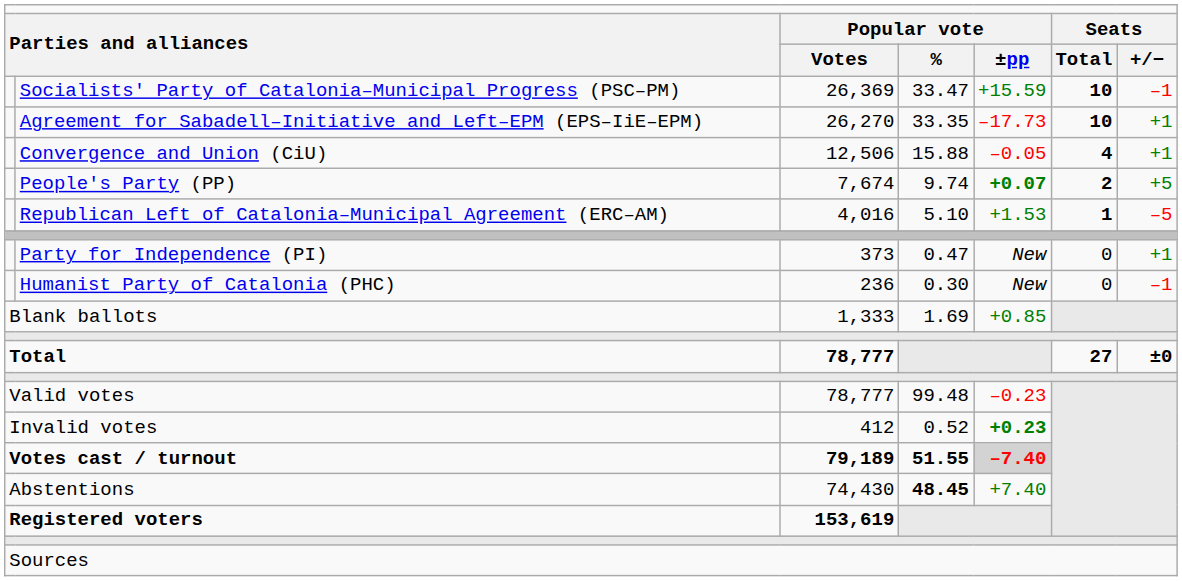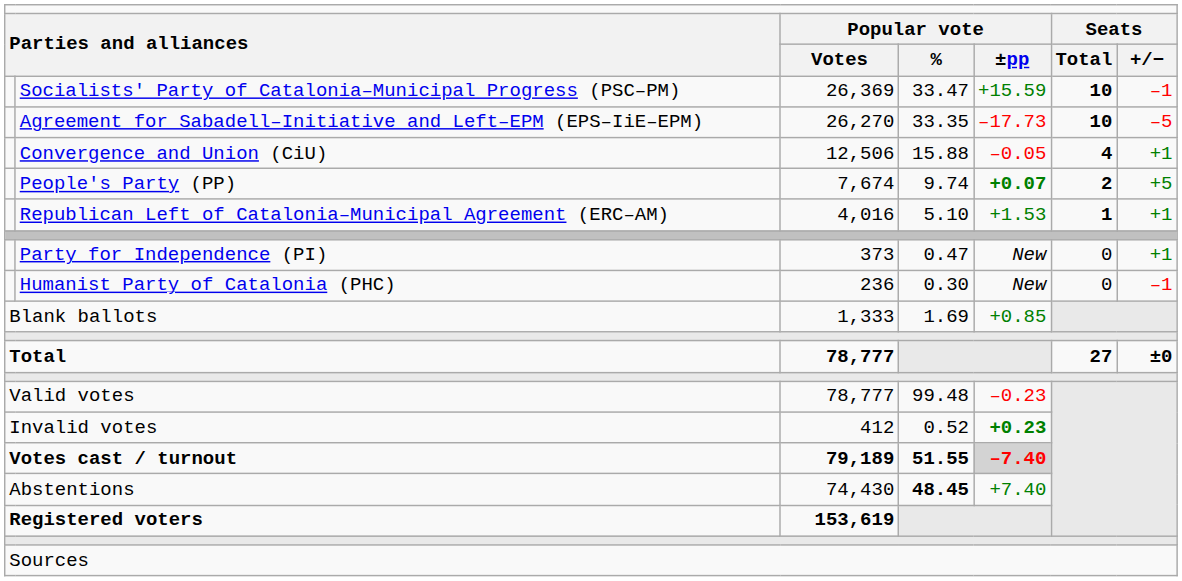 <table class="wikitable" style="text-align:right;">
 <tr>
 <td colspan="7"></td>
 </tr>
 <tr>
 <th style="text-align:left;" rowspan="2" colspan="2" width="525">Parties and alliances</th>
 <th colspan="3">Popular vote</th>
 <th colspan="2">Seats</th>
 </tr>
 <tr>
 <th width="75">Votes</th>
 <th width="45">%</th>
 <th width="45">±<a href='#'>pp</a></th>
 <th width="35">Total</th>
 <th width="35">+/−</th>
 </tr>
 <tr>
 <td width="1" style="color:inherit;background:"></td>
 <td align="left"><a href='#'>Socialists' Party of Catalonia–Municipal Progress</a> (PSC–PM)</td>
 <td>26,369</td>
 <td>33.47</td>
 <td style="color:green;">+15.59</td>
 <td><strong>10</strong></td>
 <td style="color:red;">–1</td>
 </tr>
 <tr>
 <td style="color:inherit;background:"></td>
 <td align="left"><a href='#'>Agreement for Sabadell–Initiative and Left–EPM</a> (EPS–IiE–EPM)</td>
 <td>26,270</td>
 <td>33.35</td>
 <td style="color:red;">–17.73</td>
 <td><strong>10</strong></td>
-<td style="color:green;">+1</td>
+<td style="color:red;">–5</td>
 </tr>
 <tr>
 <td style="color:inherit;background:"></td>
 <td align="left"><a href='#'>Convergence and Union</a> (CiU)</td>
 <td>12,506</td>
 <td>15.88</td>
 <td style="color:red;">–0.05</td>
 <td><strong>4</strong></td>
 <td style="color:green;">+1</td>
 </tr>
 <tr>
 <td style="color:inherit;background:"></td>
 <td align="left"><a href='#'>People's Party</a> (PP)</td>
 <td>7,674</td>
 <td>9.74</td>
 <td style="color:green;"><strong>+0.07</strong></td>
 <td><strong>2</strong></td>
 <td style="color:green;">+5</td>
 </tr>
 <tr>
 <td style="color:inherit;background:"></td>
 <td align="left"><a href='#'>Republican Left of Catalonia–Municipal Agreement</a> (ERC–AM)</td>
 <td>4,016</td>
 <td>5.10</td>
 <td style="color:green;">+1.53</td>
 <td><strong>1</strong></td>
-<td style="color:red;">–5</td>
+<td style="color:green;">+1</td>
 </tr>
 <tr>
 <td colspan="7" style="color:inherit;background:#C0C0C0"></td>
 </tr>
 <tr>
 <td style="color:inherit;background:"></td>
 <td align="left"><a href='#'>Party for Independence</a> (PI)</td>
 <td>373</td>
 <td>0.47</td>
 <td><em>New</em></td>
 <td>0</td>
 <td style="color:green;">+1</td>
 </tr>
 <tr>
 <td style="color:inherit;background:"></td>
 <td align="left"><a href='#'>Humanist Party of Catalonia</a> (PHC)</td>
 <td>236</td>
 <td>0.30</td>
 <td><em>New</em></td>
 <td>0</td>
 <td style="color:red;">–1</td>
 </tr>
 <tr>
 <td align="left" colspan="2">Blank ballots</td>
 <td>1,333</td>
 <td>1.69</td>
 <td style="color:green;">+0.85</td>
 <td style="color:inherit;background:#E9E9E9" colspan="2"></td>
 </tr>
 <tr>
 <td colspan="7" style="color:inherit;background:#E9E9E9"></td>
 </tr>
 <tr style="font-weight:bold;">
 <td align="left" colspan="2">Total</td>
 <td>78,777</td>
 <td bgcolor="#E9E9E9" colspan="2"></td>
 <td>27</td>
 <td>±0</td>
 </tr>
 <tr>
 <td colspan="7" style="color:inherit;background:#E9E9E9"></td>
 </tr>
 <tr>
 <td align="left" colspan="2">Valid votes</td>
 <td>78,777</td>
 <td>99.48</td>
 <td style="color:red;">–0.23</td>
 <td bgcolor="#E9E9E9" colspan="2" rowspan="5"></td>
 </tr>
 <tr>
 <td align="left" colspan="2">Invalid votes</td>
 <td>412</td>
 <td>0.52</td>
 <td style="color:green;"><strong>+0.23</strong></td>
 </tr>
 <tr style="font-weight:bold;">
 <td align="left" colspan="2">Votes cast / turnout</td>
 <td>79,189</td>
 <td>51.55</td>
 <td style="background: lightgrey; color:red;">–7.40</td>
 </tr>
 <tr>
 <td align="left" colspan="2">Abstentions</td>
 <td>74,430</td>
 <td><strong>48.45</strong></td>
 <td style="color:green;">+7.40</td>
 </tr>
 <tr style="font-weight:bold;">
 <td align="left" colspan="2">Registered voters</td>
 <td>153,619</td>
 <td bgcolor="#E9E9E9" colspan="2"></td>
 </tr>
 <tr>
 <td colspan="7" style="color:inherit;background:#E9E9E9"></td>
 </tr>
 <tr>
 <td align="left" colspan="7">Sources</td>
 </tr>
 </table>
